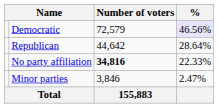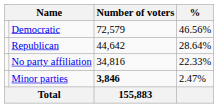 <table class="wikitable">
 <tr>
 <th colspan="2">Name</th>
 <th>Number of voters</th>
 <th>%</th>
 </tr>
 <tr>
 <td></td>
 <td><a href='#'>Democratic</a></td>
 <td>72,579</td>
-<td style="background: lavender;">46.56%</td>
+<td>46.56%</td>
 </tr>
 <tr>
 <td></td>
 <td><a href='#'>Republican</a></td>
 <td>44,642</td>
 <td>28.64%</td>
 </tr>
 <tr>
 <td></td>
 <td><a href='#'>No party affiliation</a></td>
-<td><strong>34,816</strong></td>
+<td>34,816</td>
 <td>22.33%</td>
 </tr>
 <tr>
 <td></td>
 <td><a href='#'>Minor parties</a></td>
-<td>3,846</td>
+<td><strong>3,846</strong></td>
 <td>2.47%</td>
 </tr>
 <tr>
 <th colspan="2">Total</th>
 <th>155,883</th>
 <th></th>
 </tr>
 </table>
